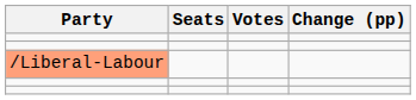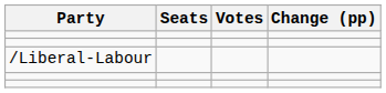 <table class="wikitable" style="text-align:right;">
 <tr>
 <th>Party</th>
 <th>Seats</th>
 <th>Votes</th>
 <th colspan="3">Change (pp)</th>
 </tr>
 <tr>
 <td style="text-align:left;"></td>
 <td></td>
 <td></td>
 <td></td>
 </tr>
 <tr>
 <td style="text-align:left;"></td>
 <td></td>
 <td></td>
 <td></td>
 </tr>
 <tr>
-<td style="background: lightsalmon; text-align:left;">/Liberal-Labour</td>
+<td style="text-align:left;">/Liberal-Labour</td>
 <td></td>
 <td></td>
 <td></td>
 </tr>
 <tr>
 <td style="text-align:left;"></td>
 <td></td>
 <td></td>
 <td></td>
 </tr>
 <tr>
 <td style="text-align:left;"></td>
 <td></td>
 <td></td>
 <td></td>
 </tr>
 </table>
